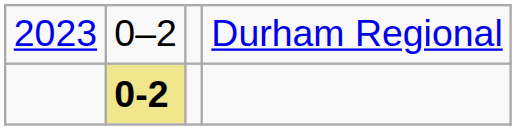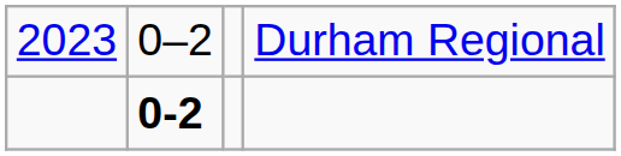 <table class="wikitable">
 <tr>
 <td><a href='#'>2023</a></td>
 <td>0–2</td>
 <td></td>
 <td><a href='#'>Durham Regional</a></td>
 </tr>
 <tr>
 <td></td>
-<td style="background: khaki;"><strong>0-2</strong></td>
+<td><strong>0-2</strong></td>
 <td><strong></strong></td>
 <td></td>
 </tr>
 </table>
